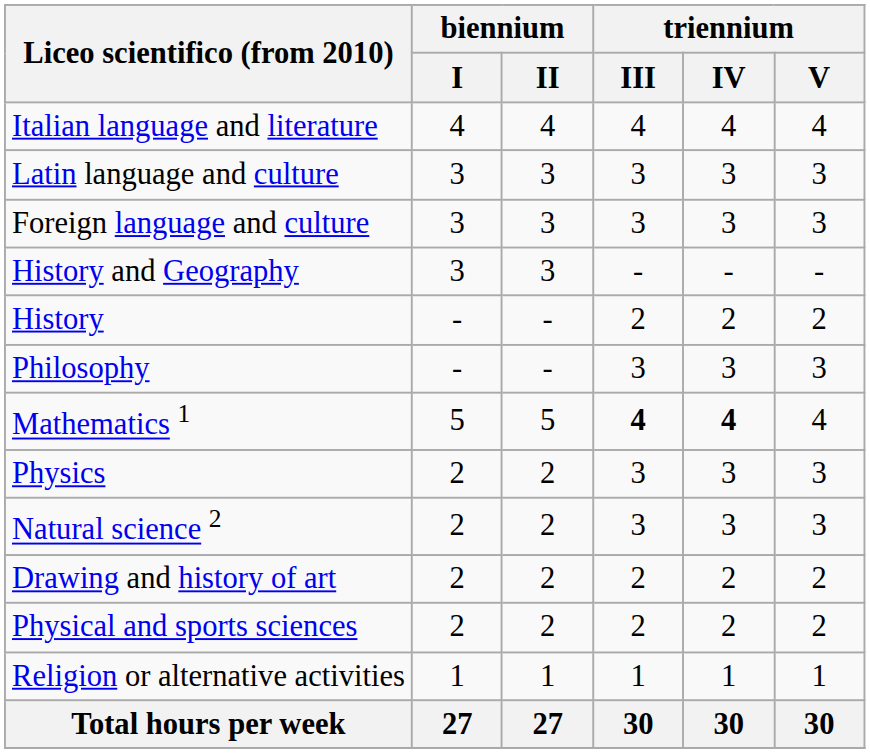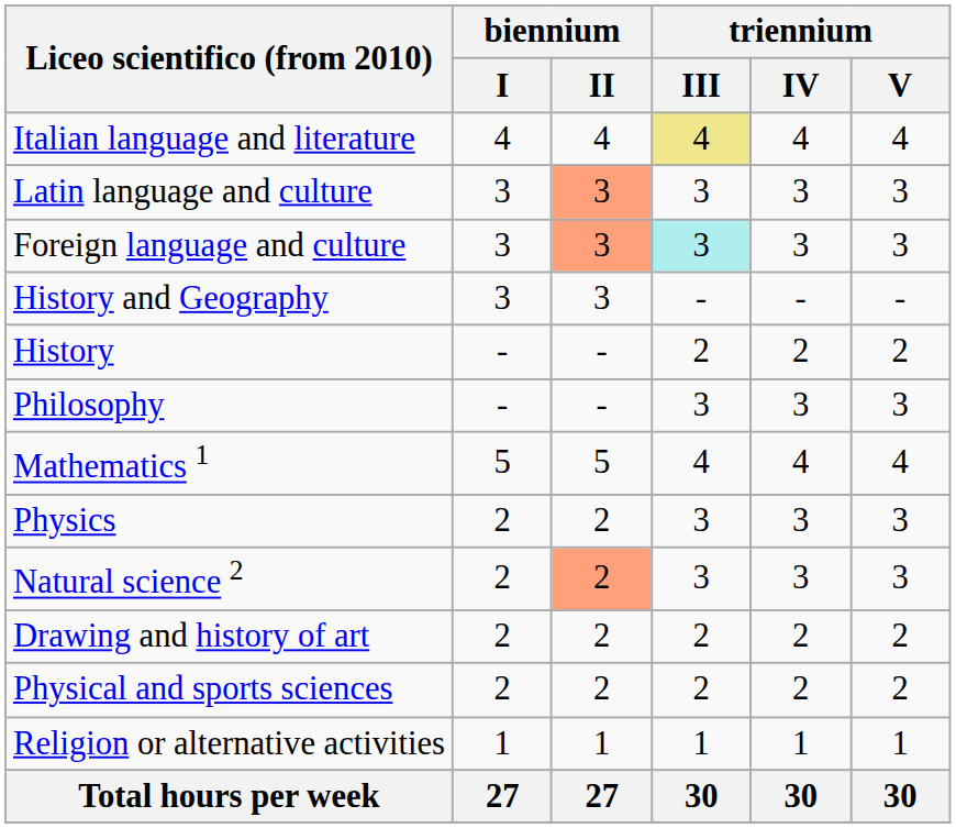 <table class="wikitable">
 <tr>
 <th rowspan="2">Liceo scientifico (from 2010)</th>
 <th colspan="2">biennium</th>
 <th colspan="3">triennium</th>
 </tr>
 <tr>
 <th width="40px">I</th>
 <th width="40px">II</th>
 <th width="40px">III</th>
 <th width="40px">IV</th>
 <th width="40px">V</th>
 </tr>
 <tr align="center">
 <td align="left"><a href='#'>Italian language</a> and <a href='#'>literature</a></td>
 <td>4</td>
 <td>4</td>
-<td>4</td>
+<td style="background: khaki;">4</td>
 <td>4</td>
 <td>4</td>
 </tr>
 <tr align="center">
 <td align="left"><a href='#'>Latin</a> language and <a href='#'>culture</a></td>
 <td>3</td>
-<td>3</td>
+<td style="background: lightsalmon;">3</td>
 <td>3</td>
 <td>3</td>
 <td>3</td>
 </tr>
 <tr align="center">
 <td align="left">Foreign <a href='#'>language</a> and <a href='#'>culture</a></td>
 <td>3</td>
-<td>3</td>
-<td>3</td>
+<td style="background: lightsalmon;">3</td>
+<td style="background: paleturquoise;">3</td>
 <td>3</td>
 <td>3</td>
 </tr>
 <tr align="center">
 <td align="left"><a href='#'>History</a> and <a href='#'>Geography</a></td>
 <td>3</td>
 <td>3</td>
 <td>-</td>
 <td>-</td>
 <td>-</td>
 </tr>
 <tr align="center">
 <td align="left"><a href='#'>History</a></td>
 <td>-</td>
 <td>-</td>
 <td>2</td>
 <td>2</td>
 <td>2</td>
 </tr>
 <tr align="center">
 <td align="left"><a href='#'>Philosophy</a></td>
 <td>-</td>
 <td>-</td>
 <td>3</td>
 <td>3</td>
 <td>3</td>
 </tr>
 <tr align="center">
 <td align="left"><a href='#'>Mathematics</a> <sup>1</sup></td>
 <td>5</td>
 <td>5</td>
-<td><strong>4</strong></td>
-<td><strong>4</strong></td>
+<td>4</td>
+<td>4</td>
 <td>4</td>
 </tr>
 <tr align="center">
 <td align="left"><a href='#'>Physics</a></td>
 <td>2</td>
 <td>2</td>
 <td>3</td>
 <td>3</td>
 <td>3</td>
 </tr>
 <tr align="center">
 <td align="left"><a href='#'>Natural science</a> <sup>2</sup></td>
 <td>2</td>
-<td>2</td>
+<td style="background: lightsalmon;">2</td>
 <td>3</td>
 <td>3</td>
 <td>3</td>
 </tr>
 <tr align="center">
 <td align="left"><a href='#'>Drawing</a> and <a href='#'>history of art</a></td>
 <td>2</td>
 <td>2</td>
 <td>2</td>
 <td>2</td>
 <td>2</td>
 </tr>
 <tr align="center">
 <td align="left"><a href='#'>Physical and sports sciences</a></td>
 <td>2</td>
 <td>2</td>
 <td>2</td>
 <td>2</td>
 <td>2</td>
 </tr>
 <tr align="center">
 <td align="left"><a href='#'>Religion</a> or alternative activities</td>
 <td>1</td>
 <td>1</td>
 <td>1</td>
 <td>1</td>
 <td>1</td>
 </tr>
 <tr>
 <th>Total hours per week</th>
 <th>27</th>
 <th>27</th>
 <th>30</th>
 <th>30</th>
 <th>30</th>
 </tr>
 <tr>
 </tr>
 </table>
